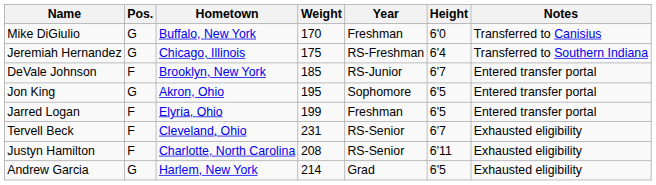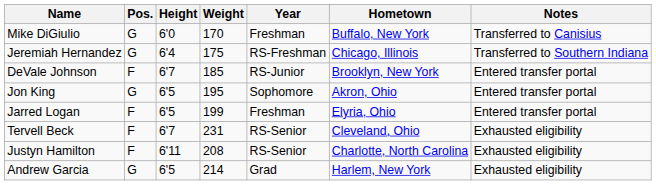 <table class="wikitable sortable" border="1">
 <tr align=center>
 <th>Name</th>
 <th>Pos.</th>
-<th>Hometown</th>
+<th>Height</th>
 <th>Weight</th>
 <th>Year</th>
-<th>Height</th>
+<th>Hometown</th>
 <th>Notes</th>
 </tr>
 <tr>
 <td>Mike DiGiulio</td>
 <td>G</td>
-<td><a href='#'>Buffalo, New York</a></td>
+<td>6'0</td>
 <td>170</td>
 <td>Freshman</td>
-<td>6'0</td>
+<td><a href='#'>Buffalo, New York</a></td>
 <td>Transferred to <a href='#'>Canisius</a></td>
 </tr>
 <tr>
 <td>Jeremiah Hernandez</td>
 <td>G</td>
-<td><a href='#'>Chicago, Illinois</a></td>
+<td>6'4</td>
 <td>175</td>
 <td>RS-Freshman</td>
-<td>6'4</td>
+<td><a href='#'>Chicago, Illinois</a></td>
 <td>Transferred to <a href='#'>Southern Indiana</a></td>
 </tr>
 <tr>
 <td>DeVale Johnson</td>
 <td>F</td>
-<td><a href='#'>Brooklyn, New York</a></td>
+<td>6'7</td>
 <td>185</td>
 <td>RS-Junior</td>
-<td>6'7</td>
+<td><a href='#'>Brooklyn, New York</a></td>
 <td>Entered transfer portal</td>
 </tr>
 <tr>
 <td>Jon King</td>
 <td>G</td>
-<td><a href='#'>Akron, Ohio</a></td>
+<td>6'5</td>
 <td>195</td>
 <td>Sophomore</td>
-<td>6'5</td>
+<td><a href='#'>Akron, Ohio</a></td>
 <td>Entered transfer portal</td>
 </tr>
 <tr>
 <td>Jarred Logan</td>
 <td>F</td>
-<td><a href='#'>Elyria, Ohio</a></td>
+<td>6'5</td>
 <td>199</td>
 <td>Freshman</td>
-<td>6'5</td>
+<td><a href='#'>Elyria, Ohio</a></td>
 <td>Entered transfer portal</td>
 </tr>
 <tr>
 <td>Tervell Beck</td>
 <td>F</td>
-<td><a href='#'>Cleveland, Ohio</a></td>
+<td>6'7</td>
 <td>231</td>
 <td>RS-Senior</td>
-<td>6'7</td>
+<td><a href='#'>Cleveland, Ohio</a></td>
 <td>Exhausted eligibility</td>
 </tr>
 <tr>
 <td>Justyn Hamilton</td>
 <td>F</td>
-<td><a href='#'>Charlotte, North Carolina</a></td>
+<td>6'11</td>
 <td>208</td>
 <td>RS-Senior</td>
-<td>6'11</td>
+<td><a href='#'>Charlotte, North Carolina</a></td>
 <td>Exhausted eligibility</td>
 </tr>
 <tr>
 <td>Andrew Garcia</td>
 <td>G</td>
-<td><a href='#'>Harlem, New York</a></td>
+<td>6'5</td>
 <td>214</td>
 <td>Grad</td>
-<td>6'5</td>
+<td><a href='#'>Harlem, New York</a></td>
 <td>Exhausted eligibility</td>
 </tr>
 </table>
